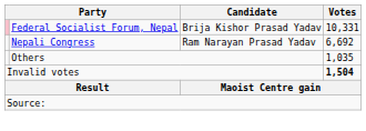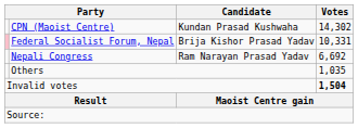 <table class="wikitable">
 <tr>
 <th colspan="2">Party</th>
 <th>Candidate</th>
 <th>Votes</th>
+</tr>
+<tr>
+<td style="background-color:"></td>
+<td><a href='#'>CPN (Maoist Centre)</a></td>
+<td>Kundan Prasad Kushwaha</td>
+<td>14,302</td>
 </tr>
 <tr>
 <td style="background-color:pink"></td>
 <td><a href='#'>Federal Socialist Forum, Nepal</a></td>
 <td>Brija Kishor Prasad Yadav</td>
 <td>10,331</td>
 </tr>
 <tr>
 <td style="background-color:"></td>
 <td><a href='#'>Nepali Congress</a></td>
 <td>Ram Narayan Prasad Yadav</td>
 <td>6,692</td>
 </tr>
 <tr>
 <td></td>
 <td colspan="2">Others</td>
 <td>1,035</td>
 </tr>
 <tr>
 <td colspan="3">Invalid votes</td>
 <td><strong>1,504</strong></td>
 </tr>
 <tr>
 <th colspan="2">Result</th>
 <th colspan="2">Maoist Centre gain</th>
 </tr>
 <tr>
 <td colspan="4">Source: </td>
 </tr>
 </table>
